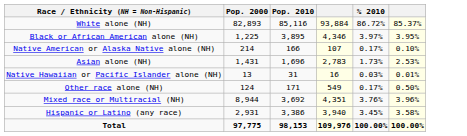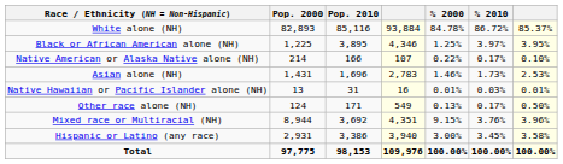 <table class="wikitable" style="text-align:center;">
 <tr>
 <th>Race / Ethnicity <small>(<em>NH = Non-Hispanic</em>)</small></th>
 <th>Pop. 2000</th>
 <th>Pop. 2010</th>
 <th></th>
+<th>% 2000</th>
 <th>% 2010</th>
 <th></th>
 </tr>
 <tr>
 <td><a href='#'>White</a> alone (NH)</td>
 <td>82,893</td>
 <td>85,116</td>
 <td style='background: #ffffe6;'>93,884</td>
+<td>84.78%</td>
 <td>86.72%</td>
 <td style='background: #ffffe6;'>85.37%</td>
 </tr>
 <tr>
 <td><a href='#'>Black or African American</a> alone (NH)</td>
 <td>1,225</td>
 <td>3,895</td>
 <td style='background: #ffffe6;'>4,346</td>
+<td>1.25%</td>
 <td>3.97%</td>
 <td style='background: #ffffe6;'>3.95%</td>
 </tr>
 <tr>
 <td><a href='#'>Native American</a> or <a href='#'>Alaska Native</a> alone (NH)</td>
 <td>214</td>
 <td>166</td>
 <td style='background: #ffffe6;'>107</td>
+<td>0.22%</td>
 <td>0.17%</td>
 <td style='background: #ffffe6;'>0.10%</td>
 </tr>
 <tr>
 <td><a href='#'>Asian</a> alone (NH)</td>
 <td>1,431</td>
 <td>1,696</td>
 <td style='background: #ffffe6;'>2,783</td>
+<td>1.46%</td>
 <td>1.73%</td>
 <td style='background: #ffffe6;'>2.53%</td>
 </tr>
 <tr>
 <td><a href='#'>Native Hawaiian</a> or <a href='#'>Pacific Islander</a> alone (NH)</td>
 <td>13</td>
 <td>31</td>
 <td style='background: #ffffe6;'>16</td>
+<td>0.01%</td>
 <td>0.03%</td>
 <td style='background: #ffffe6;'>0.01%</td>
 </tr>
 <tr>
 <td><a href='#'>Other race</a> alone (NH)</td>
 <td>124</td>
 <td>171</td>
 <td style='background: #ffffe6;'>549</td>
+<td>0.13%</td>
 <td>0.17%</td>
 <td style='background: #ffffe6;'>0.50%</td>
 </tr>
 <tr>
 <td><a href='#'>Mixed race or Multiracial</a> (NH)</td>
 <td>8,944</td>
 <td>3,692</td>
 <td style='background: #ffffe6;'>4,351</td>
+<td>9.15%</td>
 <td>3.76%</td>
 <td style='background: #ffffe6;'>3.96%</td>
 </tr>
 <tr>
 <td><a href='#'>Hispanic or Latino</a> (any race)</td>
 <td>2,931</td>
 <td>3,386</td>
 <td style='background: #ffffe6;'>3,940</td>
+<td>3.00%</td>
 <td>3.45%</td>
 <td style='background: #ffffe6;'>3.58%</td>
 </tr>
 <tr>
 <td><strong>Total</strong></td>
 <td><strong>97,775</strong></td>
 <td><strong>98,153</strong></td>
 <td style='background: #ffffe6;'><strong>109,976</strong></td>
 <td><strong>100.00%</strong></td>
+<td><strong>100.00%</strong></td>
 <td style='background: #ffffe6;'><strong>100.00%</strong></td>
 </tr>
 </table>
